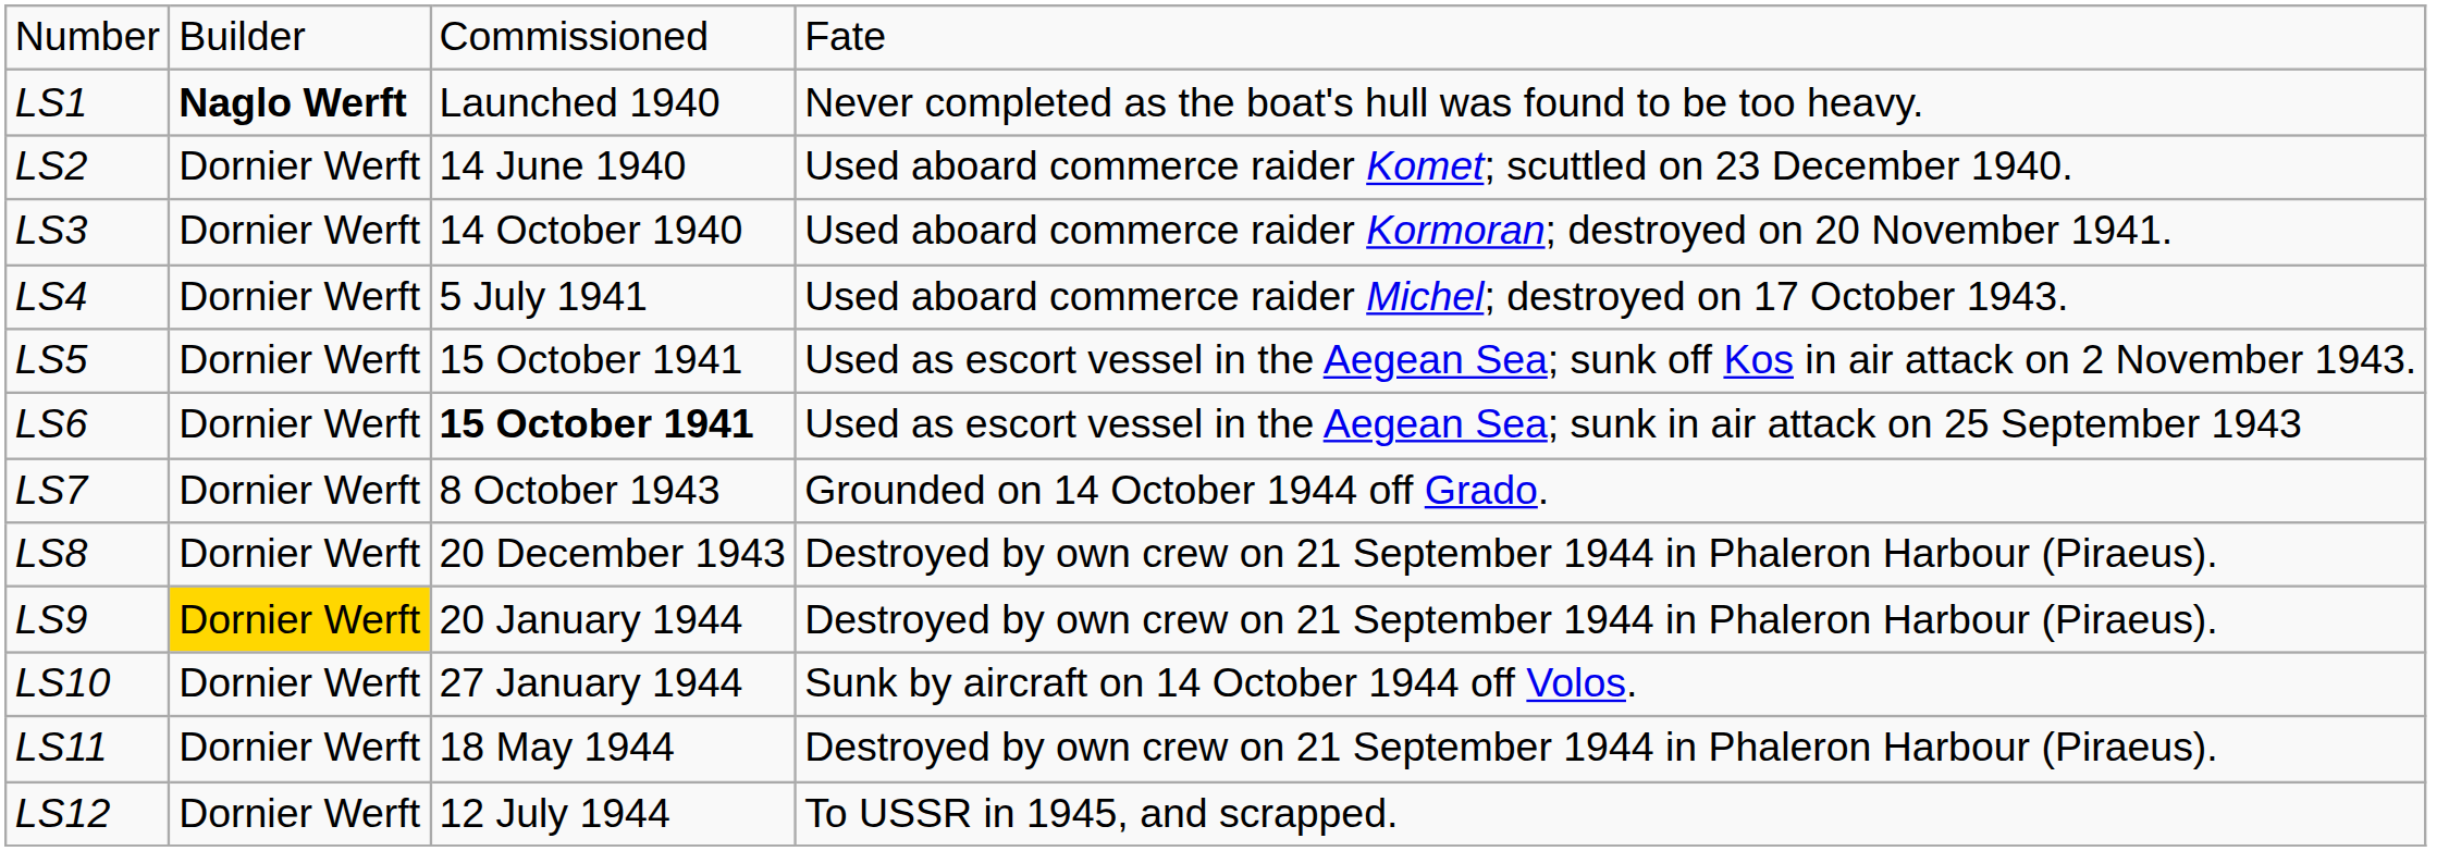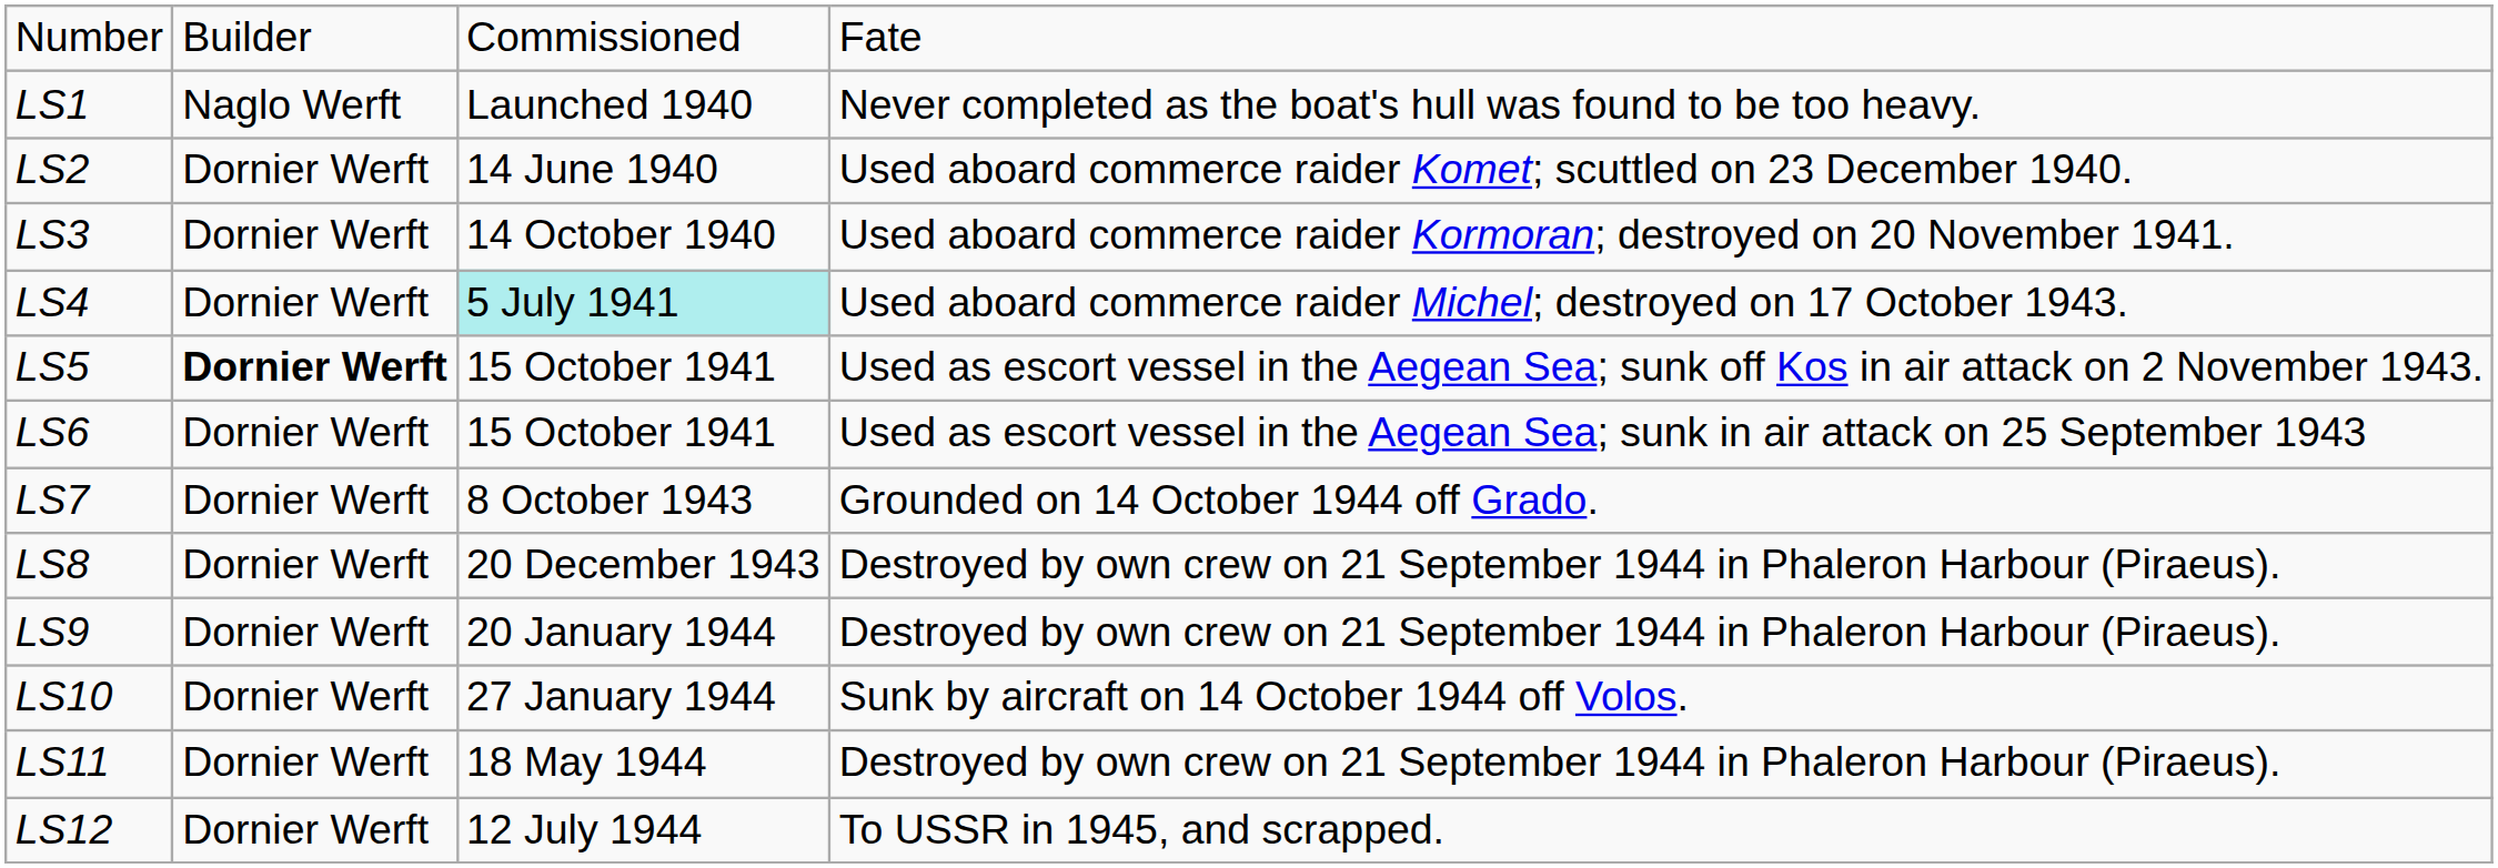 <table class="wikitable" style="text-align:left">
 <tr>
 <td>Number</td>
 <td>Builder</td>
 <td>Commissioned</td>
 <td>Fate</td>
 </tr>
 <tr>
 <td><em>LS1</em></td>
-<td><strong>Naglo Werft</strong></td>
+<td>Naglo Werft</td>
 <td>Launched 1940</td>
 <td>Never completed as the boat's hull was found to be too heavy.</td>
 </tr>
 <tr>
 <td><em>LS2</em></td>
 <td>Dornier Werft</td>
 <td>14 June 1940</td>
 <td>Used aboard commerce raider <em><a href='#'>Komet</a></em>; scuttled on 23 December 1940.</td>
 </tr>
 <tr>
 <td><em>LS3</em></td>
 <td>Dornier Werft</td>
 <td>14 October 1940</td>
 <td>Used aboard commerce raider <em><a href='#'>Kormoran</a></em>; destroyed on 20 November 1941.</td>
 </tr>
 <tr>
 <td><em>LS4</em></td>
 <td>Dornier Werft</td>
-<td>5 July 1941</td>
+<td style="background: paleturquoise;">5 July 1941</td>
 <td>Used aboard commerce raider <em><a href='#'>Michel</a></em>; destroyed on 17 October 1943.</td>
 </tr>
 <tr>
 <td><em>LS5</em></td>
-<td>Dornier Werft</td>
+<td><strong>Dornier Werft</strong></td>
 <td>15 October 1941</td>
 <td>Used as escort vessel in the <a href='#'>Aegean Sea</a>; sunk off <a href='#'>Kos</a> in air attack on 2 November 1943.</td>
 </tr>
 <tr>
 <td><em>LS6</em></td>
 <td>Dornier Werft</td>
-<td><strong>15 October 1941</strong></td>
+<td>15 October 1941</td>
 <td>Used as escort vessel in the <a href='#'>Aegean Sea</a>; sunk in air attack on 25 September 1943</td>
 </tr>
 <tr>
 <td><em>LS7</em></td>
 <td>Dornier Werft</td>
 <td>8 October 1943</td>
 <td>Grounded on 14 October 1944 off <a href='#'>Grado</a>.</td>
 </tr>
 <tr>
 <td><em>LS8</em></td>
 <td>Dornier Werft</td>
 <td>20 December 1943</td>
 <td>Destroyed by own crew on 21 September 1944 in Phaleron Harbour (Piraeus).</td>
 </tr>
 <tr>
 <td><em>LS9</em></td>
-<td style="background: gold;">Dornier Werft</td>
+<td>Dornier Werft</td>
 <td>20 January 1944</td>
 <td>Destroyed by own crew on 21 September 1944 in Phaleron Harbour (Piraeus).</td>
 </tr>
 <tr>
 <td><em>LS10</em></td>
 <td>Dornier Werft</td>
 <td>27 January 1944</td>
 <td>Sunk by aircraft on 14 October 1944 off <a href='#'>Volos</a>.</td>
 </tr>
 <tr>
 <td><em>LS11</em></td>
 <td>Dornier Werft</td>
 <td>18 May 1944</td>
 <td>Destroyed by own crew on 21 September 1944 in Phaleron Harbour (Piraeus).</td>
 </tr>
 <tr>
 <td><em>LS12</em></td>
 <td>Dornier Werft</td>
 <td>12 July 1944</td>
 <td>To USSR in 1945, and scrapped.</td>
 </tr>
 <tr>
 </tr>
 </table>
